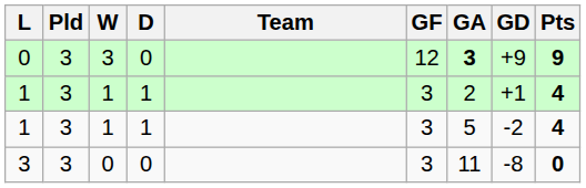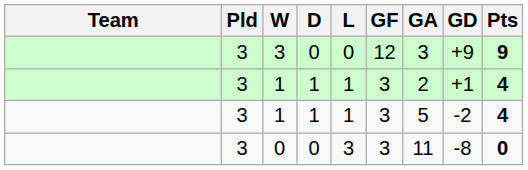 <table class="wikitable" style="text-align:center;">
 <tr>
-<th width=20>L</th>
+<th width=165>Team</th>
 <th width=20>Pld</th>
 <th width=20>W</th>
 <th width=20>D</th>
-<th width=165>Team</th>
+<th width=20>L</th>
 <th width=20>GF</th>
 <th width=20>GA</th>
 <th width=20>GD</th>
 <th width=20>Pts</th>
 </tr>
 <tr align=center style="background:#ccffcc;">
-<td>0</td>
+<td style="text-align:left;"></td>
 <td>3</td>
 <td>3</td>
 <td>0</td>
-<td style="text-align:left;"></td>
+<td>0</td>
 <td>12</td>
-<td><strong>3</strong></td>
+<td>3</td>
 <td>+9</td>
 <td><strong>9</strong></td>
 </tr>
 <tr align=center style="background:#ccffcc;">
-<td>1</td>
+<td style="text-align:left;"></td>
 <td>3</td>
 <td>1</td>
 <td>1</td>
-<td style="text-align:left;"></td>
+<td>1</td>
 <td>3</td>
 <td>2</td>
 <td>+1</td>
 <td><strong>4</strong></td>
 </tr>
 <tr align=center style="background:">
-<td>1</td>
+<td style="text-align:left;"></td>
 <td>3</td>
 <td>1</td>
 <td>1</td>
-<td style="text-align:left;"></td>
+<td>1</td>
 <td>3</td>
 <td>5</td>
 <td>-2</td>
 <td><strong>4</strong></td>
 </tr>
 <tr align=center style="background:">
-<td>3</td>
+<td style="text-align:left;"></td>
 <td>3</td>
 <td>0</td>
 <td>0</td>
-<td style="text-align:left;"></td>
+<td>3</td>
 <td>3</td>
 <td>11</td>
 <td>-8</td>
 <td><strong>0</strong></td>
 </tr>
 </table>
